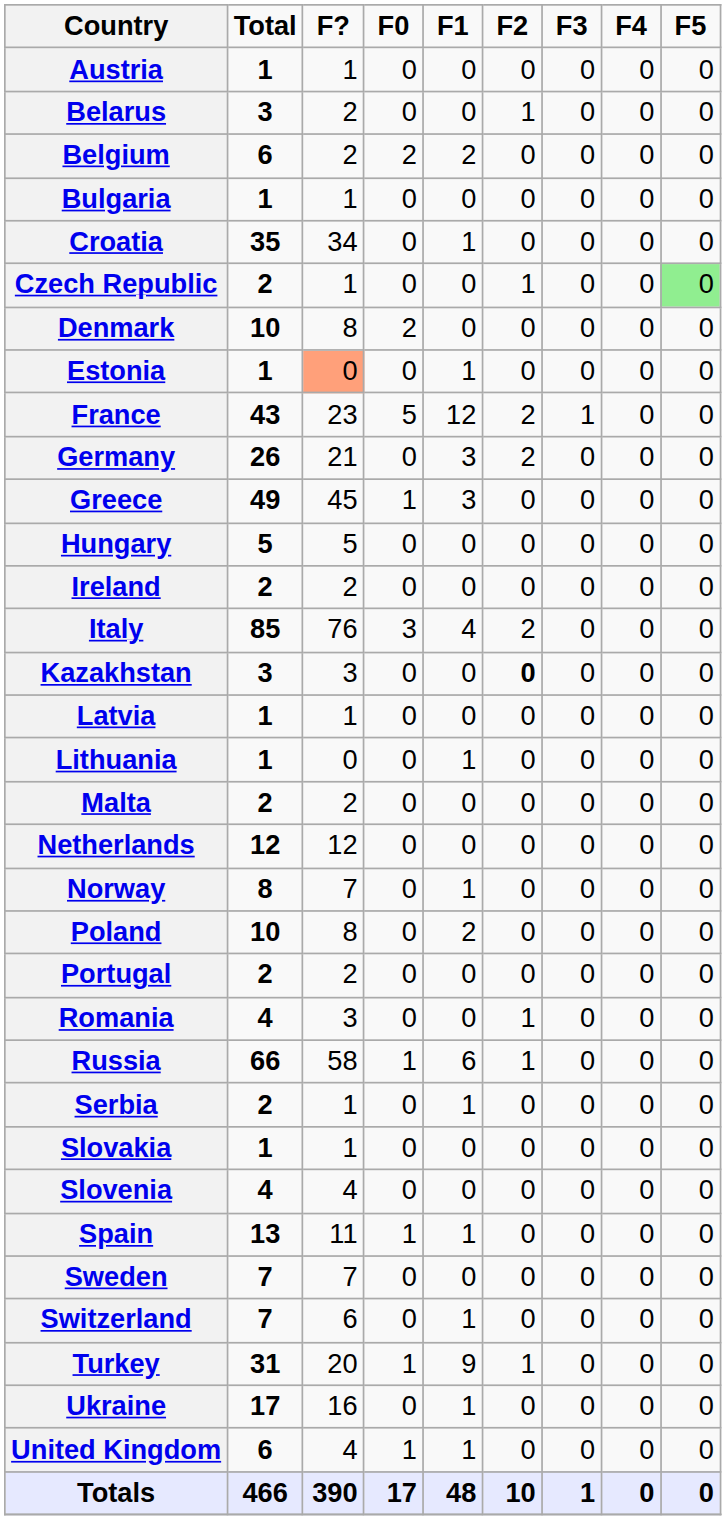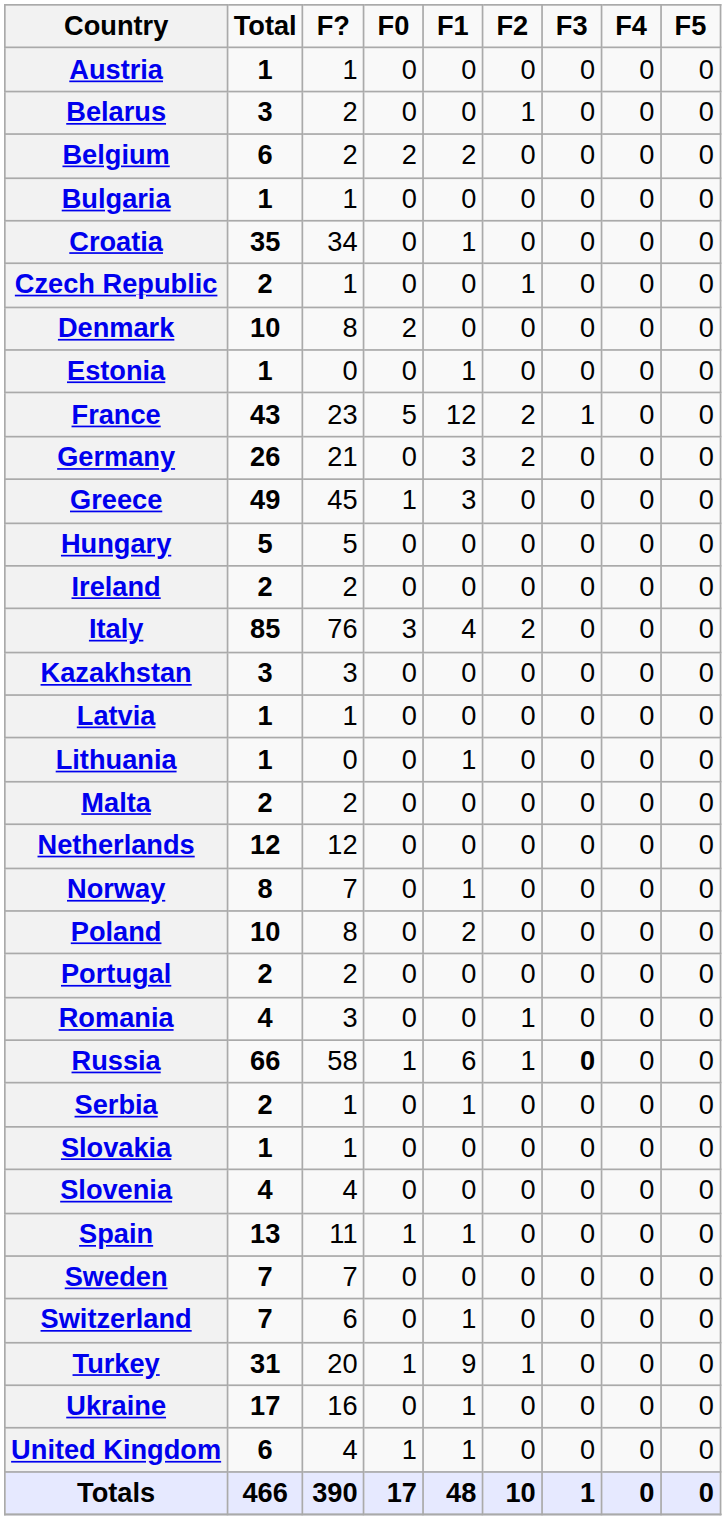 <table class="wikitable" align="center">
 <tr>
 <th><strong>Country</strong></th>
 <td><strong>Total</strong></td>
 <td><strong> F? </strong></td>
 <td><strong> F0 </strong></td>
 <td><strong> F1 </strong></td>
 <td><strong> F2 </strong></td>
 <td><strong> F3 </strong></td>
 <td><strong> F4 </strong></td>
 <td><strong> F5 </strong></td>
 </tr>
 <tr>
 <th><a href='#'>Austria</a></th>
 <td align="center"><strong>1</strong></td>
 <td align="right">1</td>
 <td align="right">0</td>
 <td align="right">0</td>
 <td align="right">0</td>
 <td align="right">0</td>
 <td align="right">0</td>
 <td align="right">0</td>
 </tr>
 <tr>
 <th><a href='#'>Belarus</a></th>
 <td align="center"><strong>3</strong></td>
 <td align="right">2</td>
 <td align="right">0</td>
 <td align="right">0</td>
 <td align="right">1</td>
 <td align="right">0</td>
 <td align="right">0</td>
 <td align="right">0</td>
 </tr>
 <tr>
 <th><a href='#'>Belgium</a></th>
 <td align="center"><strong>6</strong></td>
 <td align="right">2</td>
 <td align="right">2</td>
 <td align="right">2</td>
 <td align="right">0</td>
 <td align="right">0</td>
 <td align="right">0</td>
 <td align="right">0</td>
 </tr>
 <tr>
 <th><a href='#'>Bulgaria</a></th>
 <td align="center"><strong>1</strong></td>
 <td align="right">1</td>
 <td align="right">0</td>
 <td align="right">0</td>
 <td align="right">0</td>
 <td align="right">0</td>
 <td align="right">0</td>
 <td align="right">0</td>
 </tr>
 <tr>
 <th><a href='#'>Croatia</a></th>
 <td align="center"><strong>35</strong></td>
 <td align="right">34</td>
 <td align="right">0</td>
 <td align="right">1</td>
 <td align="right">0</td>
 <td align="right">0</td>
 <td align="right">0</td>
 <td align="right">0</td>
 </tr>
 <tr>
 <th><a href='#'>Czech Republic</a></th>
 <td align="center"><strong>2</strong></td>
 <td align="right">1</td>
 <td align="right">0</td>
 <td align="right">0</td>
 <td align="right">1</td>
 <td align="right">0</td>
 <td align="right">0</td>
-<td align="right" style="background: lightgreen;">0</td>
+<td align="right">0</td>
 </tr>
 <tr>
 <th><a href='#'>Denmark</a></th>
 <td align="center"><strong>10</strong></td>
 <td align="right">8</td>
 <td align="right">2</td>
 <td align="right">0</td>
 <td align="right">0</td>
 <td align="right">0</td>
 <td align="right">0</td>
 <td align="right">0</td>
 </tr>
 <tr>
 <th><a href='#'>Estonia</a></th>
 <td align="center"><strong>1</strong></td>
-<td align="right" style="background: lightsalmon;">0</td>
+<td align="right">0</td>
 <td align="right">0</td>
 <td align="right">1</td>
 <td align="right">0</td>
 <td align="right">0</td>
 <td align="right">0</td>
 <td align="right">0</td>
 </tr>
 <tr>
 <th><a href='#'>France</a></th>
 <td align="center"><strong>43</strong></td>
 <td align="right">23</td>
 <td align="right">5</td>
 <td align="right">12</td>
 <td align="right">2</td>
 <td align="right">1</td>
 <td align="right">0</td>
 <td align="right">0</td>
 </tr>
 <tr>
 <th><a href='#'>Germany</a></th>
 <td align="center"><strong>26</strong></td>
 <td align="right">21</td>
 <td align="right">0</td>
 <td align="right">3</td>
 <td align="right">2</td>
 <td align="right">0</td>
 <td align="right">0</td>
 <td align="right">0</td>
 </tr>
 <tr>
 <th><a href='#'>Greece</a></th>
 <td align="center"><strong>49</strong></td>
 <td align="right">45</td>
 <td align="right">1</td>
 <td align="right">3</td>
 <td align="right">0</td>
 <td align="right">0</td>
 <td align="right">0</td>
 <td align="right">0</td>
 </tr>
 <tr>
 <th><a href='#'>Hungary</a></th>
 <td align="center"><strong>5</strong></td>
 <td align="right">5</td>
 <td align="right">0</td>
 <td align="right">0</td>
 <td align="right">0</td>
 <td align="right">0</td>
 <td align="right">0</td>
 <td align="right">0</td>
 </tr>
 <tr>
 <th><a href='#'>Ireland</a></th>
 <td align="center"><strong>2</strong></td>
 <td align="right">2</td>
 <td align="right">0</td>
 <td align="right">0</td>
 <td align="right">0</td>
 <td align="right">0</td>
 <td align="right">0</td>
 <td align="right">0</td>
 </tr>
 <tr>
 <th><a href='#'>Italy</a></th>
 <td align="center"><strong>85</strong></td>
 <td align="right">76</td>
 <td align="right">3</td>
 <td align="right">4</td>
 <td align="right">2</td>
 <td align="right">0</td>
 <td align="right">0</td>
 <td align="right">0</td>
 </tr>
 <tr>
 <th><a href='#'>Kazakhstan</a></th>
 <td align="center"><strong>3</strong></td>
 <td align="right">3</td>
 <td align="right">0</td>
 <td align="right">0</td>
-<td align="right"><strong>0</strong></td>
+<td align="right">0</td>
 <td align="right">0</td>
 <td align="right">0</td>
 <td align="right">0</td>
 </tr>
 <tr>
 <th><a href='#'>Latvia</a></th>
 <td align="center"><strong>1</strong></td>
 <td align="right">1</td>
 <td align="right">0</td>
 <td align="right">0</td>
 <td align="right">0</td>
 <td align="right">0</td>
 <td align="right">0</td>
 <td align="right">0</td>
 </tr>
 <tr>
 <th><a href='#'>Lithuania</a></th>
 <td align="center"><strong>1</strong></td>
 <td align="right">0</td>
 <td align="right">0</td>
 <td align="right">1</td>
 <td align="right">0</td>
 <td align="right">0</td>
 <td align="right">0</td>
 <td align="right">0</td>
 </tr>
 <tr>
 <th><a href='#'>Malta</a></th>
 <td align="center"><strong>2</strong></td>
 <td align="right">2</td>
 <td align="right">0</td>
 <td align="right">0</td>
 <td align="right">0</td>
 <td align="right">0</td>
 <td align="right">0</td>
 <td align="right">0</td>
 </tr>
 <tr>
 <th><a href='#'>Netherlands</a></th>
 <td align="center"><strong>12</strong></td>
 <td align="right">12</td>
 <td align="right">0</td>
 <td align="right">0</td>
 <td align="right">0</td>
 <td align="right">0</td>
 <td align="right">0</td>
 <td align="right">0</td>
 </tr>
 <tr>
 <th><a href='#'>Norway</a></th>
 <td align="center"><strong>8</strong></td>
 <td align="right">7</td>
 <td align="right">0</td>
 <td align="right">1</td>
 <td align="right">0</td>
 <td align="right">0</td>
 <td align="right">0</td>
 <td align="right">0</td>
 </tr>
 <tr>
 <th><a href='#'>Poland</a></th>
 <td align="center"><strong>10</strong></td>
 <td align="right">8</td>
 <td align="right">0</td>
 <td align="right">2</td>
 <td align="right">0</td>
 <td align="right">0</td>
 <td align="right">0</td>
 <td align="right">0</td>
 </tr>
 <tr>
 <th><a href='#'>Portugal</a></th>
 <td align="center"><strong>2</strong></td>
 <td align="right">2</td>
 <td align="right">0</td>
 <td align="right">0</td>
 <td align="right">0</td>
 <td align="right">0</td>
 <td align="right">0</td>
 <td align="right">0</td>
 </tr>
 <tr>
 <th><a href='#'>Romania</a></th>
 <td align="center"><strong>4</strong></td>
 <td align="right">3</td>
 <td align="right">0</td>
 <td align="right">0</td>
 <td align="right">1</td>
 <td align="right">0</td>
 <td align="right">0</td>
 <td align="right">0</td>
 </tr>
 <tr>
 <th><a href='#'>Russia</a></th>
 <td align="center"><strong>66</strong></td>
 <td align="right">58</td>
 <td align="right">1</td>
 <td align="right">6</td>
 <td align="right">1</td>
-<td align="right">0</td>
+<td align="right"><strong>0</strong></td>
 <td align="right">0</td>
 <td align="right">0</td>
 </tr>
 <tr>
 <th><a href='#'>Serbia</a></th>
 <td align="center"><strong>2</strong></td>
 <td align="right">1</td>
 <td align="right">0</td>
 <td align="right">1</td>
 <td align="right">0</td>
 <td align="right">0</td>
 <td align="right">0</td>
 <td align="right">0</td>
 </tr>
 <tr>
 <th><a href='#'>Slovakia</a></th>
 <td align="center"><strong>1</strong></td>
 <td align="right">1</td>
 <td align="right">0</td>
 <td align="right">0</td>
 <td align="right">0</td>
 <td align="right">0</td>
 <td align="right">0</td>
 <td align="right">0</td>
 </tr>
 <tr>
 <th><a href='#'>Slovenia</a></th>
 <td align="center"><strong>4</strong></td>
 <td align="right">4</td>
 <td align="right">0</td>
 <td align="right">0</td>
 <td align="right">0</td>
 <td align="right">0</td>
 <td align="right">0</td>
 <td align="right">0</td>
 </tr>
 <tr>
 <th><a href='#'>Spain</a></th>
 <td align="center"><strong>13</strong></td>
 <td align="right">11</td>
 <td align="right">1</td>
 <td align="right">1</td>
 <td align="right">0</td>
 <td align="right">0</td>
 <td align="right">0</td>
 <td align="right">0</td>
 </tr>
 <tr>
 <th><a href='#'>Sweden</a></th>
 <td align="center"><strong>7</strong></td>
 <td align="right">7</td>
 <td align="right">0</td>
 <td align="right">0</td>
 <td align="right">0</td>
 <td align="right">0</td>
 <td align="right">0</td>
 <td align="right">0</td>
 </tr>
 <tr>
 <th><a href='#'>Switzerland</a></th>
 <td align="center"><strong>7</strong></td>
 <td align="right">6</td>
 <td align="right">0</td>
 <td align="right">1</td>
 <td align="right">0</td>
 <td align="right">0</td>
 <td align="right">0</td>
 <td align="right">0</td>
 </tr>
 <tr>
 <th><a href='#'>Turkey</a></th>
 <td align="center"><strong>31</strong></td>
 <td align="right">20</td>
 <td align="right">1</td>
 <td align="right">9</td>
 <td align="right">1</td>
 <td align="right">0</td>
 <td align="right">0</td>
 <td align="right">0</td>
 </tr>
 <tr>
 <th><a href='#'>Ukraine</a></th>
 <td align="center"><strong>17</strong></td>
 <td align="right">16</td>
 <td align="right">0</td>
 <td align="right">1</td>
 <td align="right">0</td>
 <td align="right">0</td>
 <td align="right">0</td>
 <td align="right">0</td>
 </tr>
 <tr>
 <th><a href='#'>United Kingdom</a></th>
 <td align="center"><strong>6</strong></td>
 <td align="right">4</td>
 <td align="right">1</td>
 <td align="right">1</td>
 <td align="right">0</td>
 <td align="right">0</td>
 <td align="right">0</td>
 <td align="right">0</td>
 </tr>
 <tr>
 <td bgcolor="#e6e9ff" align="center"><strong>Totals</strong></td>
 <td bgcolor="#e6e9ff" align="center"><strong>466</strong> </td>
 <td bgcolor="#e6e9ff" align="right"><strong>390</strong> </td>
 <td bgcolor="#e6e9ff" align="right"><strong>17</strong> </td>
 <td bgcolor="#e6e9ff" align="right"><strong>48</strong> </td>
 <td bgcolor="#e6e9ff" align="right"><strong>10</strong> </td>
 <td bgcolor="#e6e9ff" align="right"><strong>1</strong> </td>
 <td bgcolor="#e6e9ff" align="right"><strong>0</strong> </td>
 <td bgcolor="#e6e9ff" align="right"><strong>0</strong> </td>
 </tr>
 <tr>
 </tr>
 </table>
